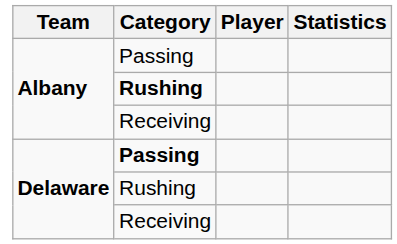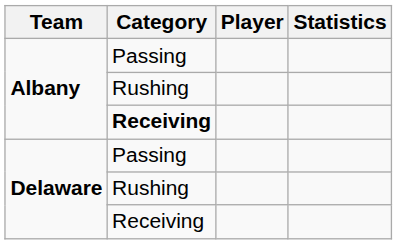 <table class="wikitable" style="float: right;">
 <tr>
 <th>Team</th>
 <th>Category</th>
 <th>Player</th>
 <th>Statistics</th>
 </tr>
 <tr>
 <td rowspan=3><strong>Albany</strong></td>
 <td>Passing</td>
 <td></td>
 <td></td>
 </tr>
 <tr>
-<td><strong>Rushing</strong></td>
+<td>Rushing</td>
 <td></td>
 <td></td>
 </tr>
 <tr>
-<td>Receiving</td>
+<td><strong>Receiving</strong></td>
 <td></td>
 <td></td>
 </tr>
 <tr>
 <td rowspan=3><strong>Delaware</strong></td>
-<td><strong>Passing</strong></td>
+<td>Passing</td>
 <td></td>
 <td></td>
 </tr>
 <tr>
 <td>Rushing</td>
 <td></td>
 <td></td>
 </tr>
 <tr>
 <td>Receiving</td>
 <td></td>
 <td></td>
 </tr>
 </table>
